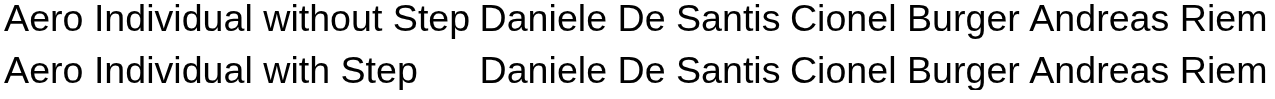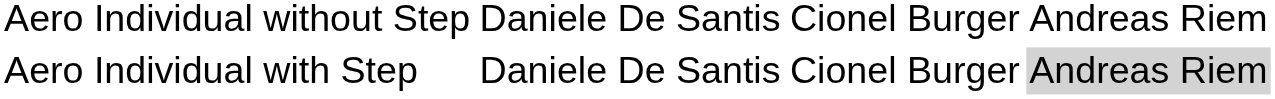 <table>
 <tr>
 <td>Aero Individual without Step</td>
 <td>Daniele De Santis </td>
 <td>Cionel Burger </td>
 <td>Andreas Riem </td>
 </tr>
 <tr>
 <td>Aero Individual with Step</td>
 <td>Daniele De Santis </td>
 <td>Cionel Burger </td>
-<td>Andreas Riem </td>
+<td style="background: lightgrey;">Andreas Riem </td>
 </tr>
 <tr>
 </tr>
 </table>
